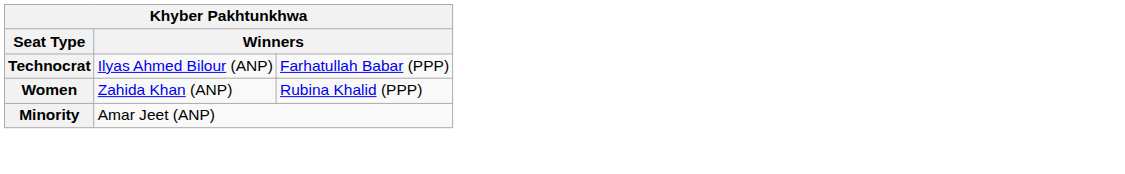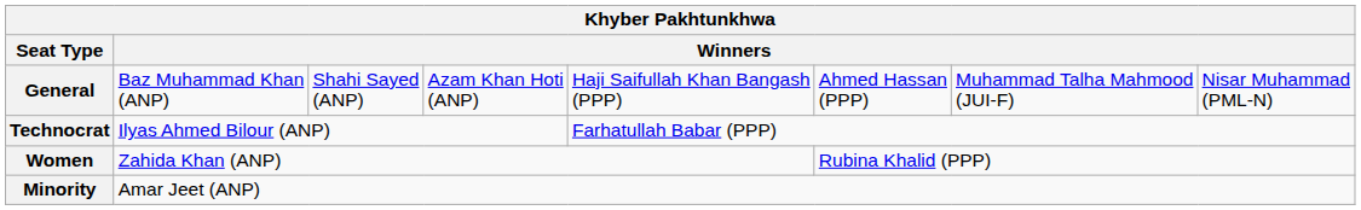 <table class="wikitable">
 <tr>
 <th colspan="8">Khyber Pakhtunkhwa</th>
 </tr>
 <tr>
 <th>Seat Type</th>
 <th colspan="7">Winners</th>
+</tr>
+<tr>
+<th>General</th>
+<td style="background:"><a href='#'>Baz Muhammad Khan</a><br>(ANP)</td>
+<td style="background:"><a href='#'>Shahi Sayed</a><br>(ANP)</td>
+<td style="background:"><a href='#'>Azam Khan Hoti</a><br>(ANP)</td>
+<td style="background:"><a href='#'>Haji Saifullah Khan Bangash</a><br>(PPP)</td>
+<td style="background:"><a href='#'>Ahmed Hassan</a><br>(PPP)</td>
+<td style="background:"><a href='#'>Muhammad Talha Mahmood</a><br>(JUI-F)</td>
+<td style="background:"><a href='#'>Nisar Muhammad</a><br>(PML-N)</td>
 </tr>
 <tr>
 <th>Technocrat</th>
 <td colspan="3" style="background:"><a href='#'>Ilyas Ahmed Bilour</a> (ANP)</td>
 <td colspan="4" style="background:"><a href='#'>Farhatullah Babar</a> (PPP)</td>
 </tr>
 <tr>
 <th>Women</th>
 <td colspan="4" style="background:"><a href='#'>Zahida Khan</a> (ANP)</td>
 <td colspan="3" style="background:"><a href='#'>Rubina Khalid</a> (PPP)</td>
 </tr>
 <tr>
 <th>Minority</th>
 <td colspan="7" style="background:">Amar Jeet (ANP)</td>
 </tr>
 </table>
